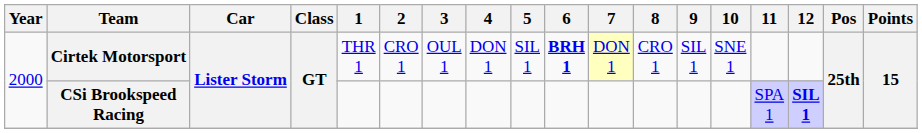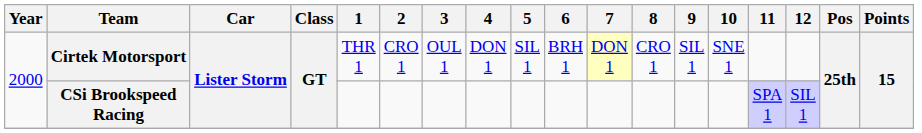 <table class="wikitable" style="text-align:center; font-size:85%">
 <tr>
 <th>Year</th>
 <th>Team</th>
 <th>Car</th>
 <th>Class</th>
 <th>1</th>
 <th>2</th>
 <th>3</th>
 <th>4</th>
 <th>5</th>
 <th>6</th>
 <th>7</th>
 <th>8</th>
 <th>9</th>
 <th>10</th>
 <th>11</th>
 <th>12</th>
 <th>Pos</th>
 <th>Points</th>
 </tr>
 <tr>
 <td rowspan=2><a href='#'>2000</a></td>
 <th nowrap>Cirtek Motorsport</th>
 <th rowspan=2 nowrap><a href='#'>Lister Storm</a></th>
 <th rowspan=2>GT</th>
 <td style="background:#;"><a href='#'>THR<br>1</a></td>
 <td style="background:#;"><a href='#'>CRO<br>1</a></td>
 <td style="background:#;"><a href='#'>OUL<br>1</a></td>
 <td style="background:#;"><a href='#'>DON<br>1</a></td>
 <td style="background:#;"><a href='#'>SIL<br>1</a></td>
-<td style="background:#;"><strong><a href='#'>BRH<br>1</a></strong></td>
+<td style="background:#;"><a href='#'>BRH<br>1</a></td>
 <td style="background:#FFFFBF;"><a href='#'>DON<br>1</a><br></td>
 <td style="background:#;"><a href='#'>CRO<br>1</a></td>
 <td style="background:#;"><a href='#'>SIL<br>1</a></td>
 <td style="background:#;"><a href='#'>SNE<br>1</a></td>
 <td></td>
 <td></td>
 <th rowspan=2>25th</th>
 <th rowspan=2>15</th>
 </tr>
 <tr>
 <th>CSi Brookspeed Racing</th>
 <td></td>
 <td></td>
 <td></td>
 <td></td>
 <td></td>
 <td></td>
 <td></td>
 <td></td>
 <td></td>
 <td></td>
 <td style="background:#CFCFFF;"><a href='#'>SPA<br>1</a><br></td>
-<td style="background:#CFCFFF;"><strong><a href='#'>SIL<br>1</a><br></strong></td>
+<td style="background:#CFCFFF;"><a href='#'>SIL<br>1</a><br></td>
 </tr>
 <tr>
 </tr>
 </table>
